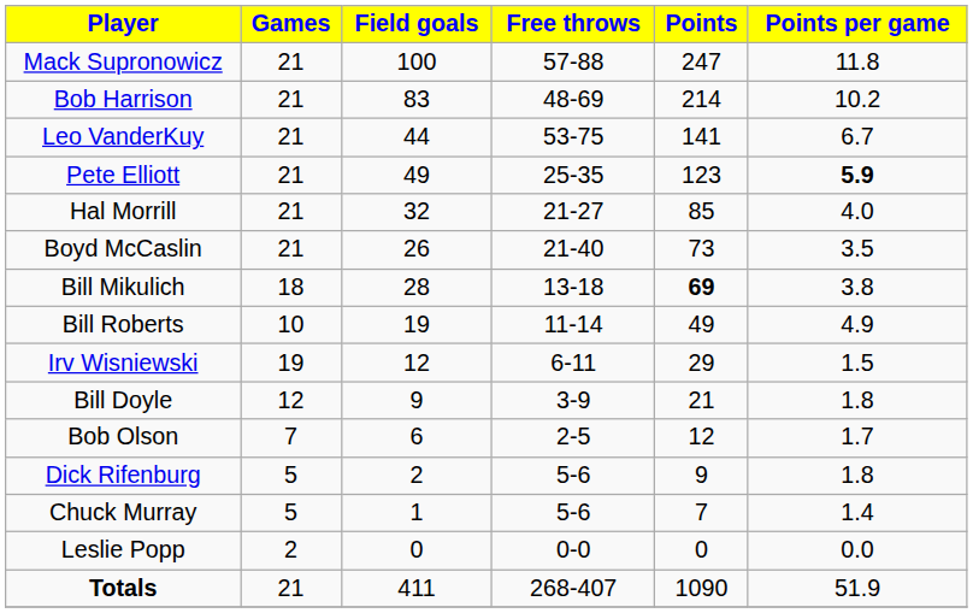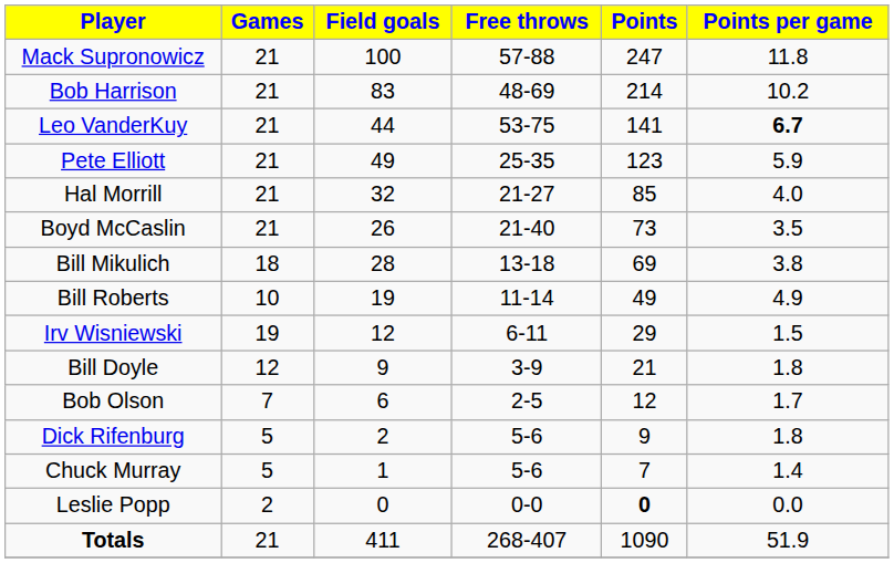 <table class="wikitable" width="650">
 <tr align="center"  style="background:yellow;color:blue;">
 <td><strong>Player</strong></td>
 <td><strong>Games</strong></td>
 <td><strong>Field goals</strong></td>
 <td><strong>Free throws</strong></td>
 <td><strong>Points</strong></td>
 <td><strong>Points per game</strong></td>
 </tr>
 <tr align="center" bgcolor="">
 <td><a href='#'>Mack Supronowicz</a></td>
 <td>21</td>
 <td>100</td>
 <td>57-88</td>
 <td>247</td>
 <td>11.8</td>
 </tr>
 <tr align="center" bgcolor="">
 <td><a href='#'>Bob Harrison</a></td>
 <td>21</td>
 <td>83</td>
 <td>48-69</td>
 <td>214</td>
 <td>10.2</td>
 </tr>
 <tr align="center" bgcolor="">
 <td><a href='#'>Leo VanderKuy</a></td>
 <td>21</td>
 <td>44</td>
 <td>53-75</td>
 <td>141</td>
-<td>6.7</td>
+<td><strong>6.7</strong></td>
 </tr>
 <tr align="center" bgcolor="">
 <td><a href='#'>Pete Elliott</a></td>
 <td>21</td>
 <td>49</td>
 <td>25-35</td>
 <td>123</td>
-<td><strong>5.9</strong></td>
+<td>5.9</td>
 </tr>
 <tr align="center" bgcolor="">
 <td>Hal Morrill</td>
 <td>21</td>
 <td>32</td>
 <td>21-27</td>
 <td>85</td>
 <td>4.0</td>
 </tr>
 <tr align="center" bgcolor="">
 <td>Boyd McCaslin</td>
 <td>21</td>
 <td>26</td>
 <td>21-40</td>
 <td>73</td>
 <td>3.5</td>
 </tr>
 <tr align="center" bgcolor="">
 <td>Bill Mikulich</td>
 <td>18</td>
 <td>28</td>
 <td>13-18</td>
-<td><strong>69</strong></td>
+<td>69</td>
 <td>3.8</td>
 </tr>
 <tr align="center" bgcolor="">
 <td>Bill Roberts</td>
 <td>10</td>
 <td>19</td>
 <td>11-14</td>
 <td>49</td>
 <td>4.9</td>
 </tr>
 <tr align="center" bgcolor="">
 <td><a href='#'>Irv Wisniewski</a></td>
 <td>19</td>
 <td>12</td>
 <td>6-11</td>
 <td>29</td>
 <td>1.5</td>
 </tr>
 <tr align="center" bgcolor="">
 <td>Bill Doyle</td>
 <td>12</td>
 <td>9</td>
 <td>3-9</td>
 <td>21</td>
 <td>1.8</td>
 </tr>
 <tr align="center" bgcolor="">
 <td>Bob Olson</td>
 <td>7</td>
 <td>6</td>
 <td>2-5</td>
 <td>12</td>
 <td>1.7</td>
 </tr>
 <tr align="center" bgcolor="">
 <td><a href='#'>Dick Rifenburg</a></td>
 <td>5</td>
 <td>2</td>
 <td>5-6</td>
 <td>9</td>
 <td>1.8</td>
 </tr>
 <tr align="center" bgcolor="">
 <td>Chuck Murray</td>
 <td>5</td>
 <td>1</td>
 <td>5-6</td>
 <td>7</td>
 <td>1.4</td>
 </tr>
 <tr align="center" bgcolor="">
 <td>Leslie Popp</td>
 <td>2</td>
 <td>0</td>
 <td>0-0</td>
-<td>0</td>
+<td><strong>0</strong></td>
 <td>0.0</td>
 </tr>
 <tr align="center" bgcolor="">
 <td><strong>Totals</strong></td>
 <td>21</td>
 <td>411</td>
 <td>268-407</td>
 <td>1090</td>
 <td>51.9</td>
 </tr>
 <tr align="center" bgcolor="">
 </tr>
 </table>
